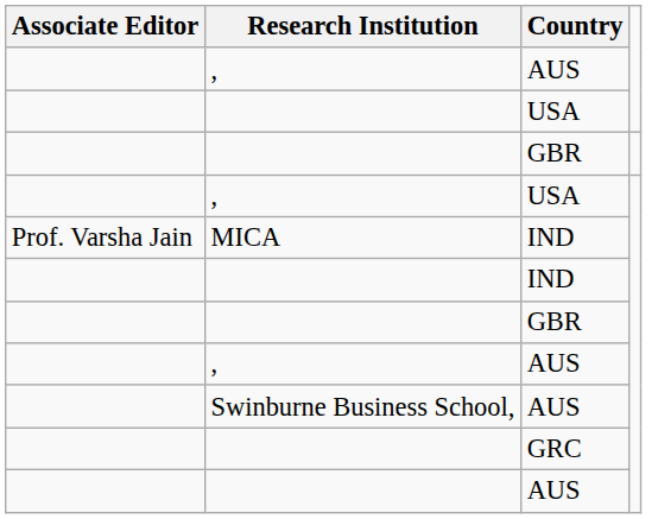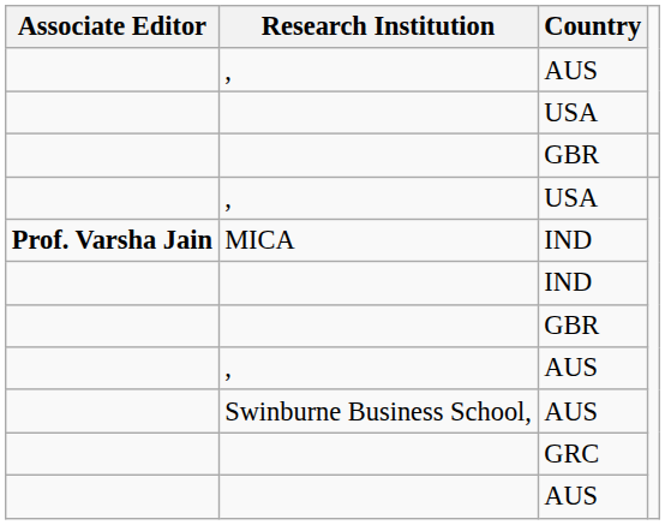 <table class="wikitable">
 <tr>
 <th>Associate Editor</th>
 <th>Research Institution</th>
 <th>Country</th>
 </tr>
 <tr>
 <td></td>
 <td>, </td>
 <td>AUS</td>
 </tr>
 <tr>
 <td></td>
 <td></td>
 <td>USA</td>
 </tr>
 <tr>
 <td></td>
 <td></td>
 <td>GBR</td>
 <td></td>
 </tr>
 <tr>
 <td></td>
 <td>, </td>
 <td>USA</td>
 </tr>
 <tr>
-<td>Prof. Varsha Jain</td>
+<td><strong>Prof. Varsha Jain</strong></td>
 <td>MICA</td>
 <td>IND</td>
 </tr>
 <tr>
 <td></td>
 <td></td>
 <td>IND</td>
 </tr>
 <tr>
 <td></td>
 <td></td>
 <td>GBR</td>
 </tr>
 <tr>
 <td></td>
 <td>, </td>
 <td>AUS</td>
 </tr>
 <tr>
 <td></td>
 <td>Swinburne Business School, </td>
 <td>AUS</td>
 </tr>
 <tr>
 <td></td>
 <td></td>
 <td>GRC</td>
 </tr>
 <tr>
 <td></td>
 <td></td>
 <td>AUS</td>
 </tr>
 </table>
